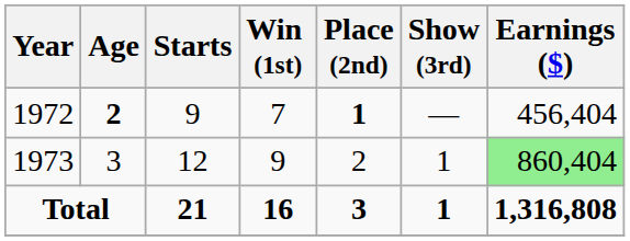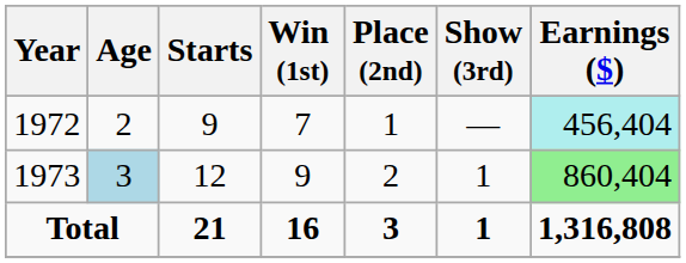 <table class=wikitable style="text-align:center">
 <tr>
 <th scope="col">Year</th>
 <th scope="col">Age</th>
 <th scope="col">Starts</th>
 <th scope="col">Win <br><small>(1st)</small></th>
 <th scope="col">Place<br><small>(2nd)</small></th>
 <th scope="col">Show<br><small>(3rd)</small></th>
 <th scope="col">Earnings<br>(<a href='#'>$</a>)</th>
 </tr>
 <tr>
 <td>1972</td>
-<td><strong>2</strong></td>
+<td>2</td>
 <td>9</td>
 <td>7</td>
-<td><strong>1</strong></td>
+<td>1</td>
 <td>—</td>
-<td align="right">456,404</td>
+<td align="right" style="background: paleturquoise;">456,404</td>
 </tr>
 <tr>
 <td>1973</td>
-<td>3</td>
+<td style="background: lightblue;">3</td>
 <td>12</td>
 <td>9</td>
 <td>2</td>
 <td>1</td>
 <td align="right" style="background: lightgreen;">860,404</td>
 </tr>
 <tr>
 <td colspan=2><strong>Total</strong></td>
 <td><strong>21</strong></td>
 <td><strong>16</strong></td>
 <td><strong>3</strong></td>
 <td><strong>1</strong></td>
 <td align=right><strong>1,316,808</strong></td>
 </tr>
 <tr>
 </tr>
 </table>
